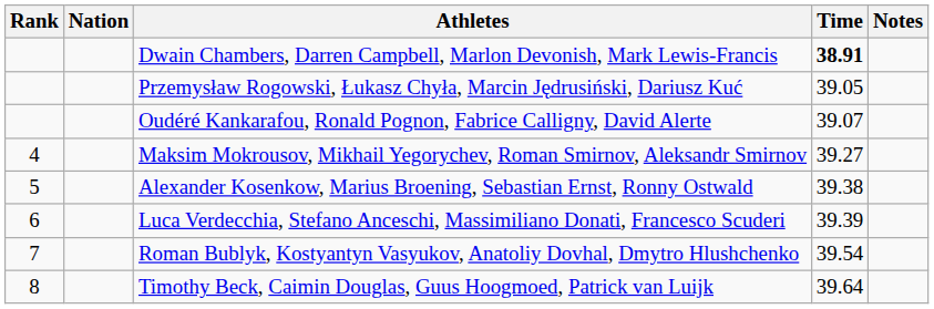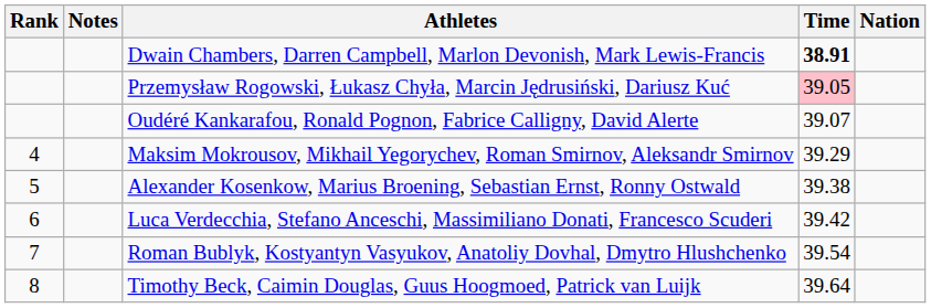 <table class="wikitable sortable" style="text-align:center">
 <tr>
 <th>Rank</th>
-<th>Nation</th>
+<th>Notes</th>
 <th>Athletes</th>
 <th>Time</th>
-<th>Notes</th>
+<th>Nation</th>
 </tr>
 <tr>
 <td></td>
-<td align=left></td>
+<td></td>
 <td align=left><a href='#'>Dwain Chambers</a>, <a href='#'>Darren Campbell</a>, <a href='#'>Marlon Devonish</a>, <a href='#'>Mark Lewis-Francis</a></td>
 <td><strong>38.91</strong></td>
-<td></td>
+<td align=left></td>
 </tr>
 <tr>
 <td></td>
+<td></td>
+<td align=left><a href='#'>Przemysław Rogowski</a>, <a href='#'>Łukasz Chyła</a>, <a href='#'>Marcin Jędrusiński</a>, <a href='#'>Dariusz Kuć</a></td>
+<td style="background: pink;">39.05</td>
 <td align=left></td>
-<td align=left><a href='#'>Przemysław Rogowski</a>, <a href='#'>Łukasz Chyła</a>, <a href='#'>Marcin Jędrusiński</a>, <a href='#'>Dariusz Kuć</a></td>
-<td>39.05</td>
-<td></td>
 </tr>
 <tr>
 <td></td>
-<td align=left></td>
+<td></td>
 <td align=left><a href='#'>Oudéré Kankarafou</a>, <a href='#'>Ronald Pognon</a>, <a href='#'>Fabrice Calligny</a>, <a href='#'>David Alerte</a></td>
 <td>39.07</td>
-<td></td>
+<td align=left></td>
 </tr>
 <tr>
 <td>4</td>
+<td></td>
+<td align=left><a href='#'>Maksim Mokrousov</a>, <a href='#'>Mikhail Yegorychev</a>, <a href='#'>Roman Smirnov</a>, <a href='#'>Aleksandr Smirnov</a></td>
+<td>39.29</td>
 <td align=left></td>
-<td align=left><a href='#'>Maksim Mokrousov</a>, <a href='#'>Mikhail Yegorychev</a>, <a href='#'>Roman Smirnov</a>, <a href='#'>Aleksandr Smirnov</a></td>
-<td>39.27</td>
-<td></td>
 </tr>
 <tr>
 <td>5</td>
-<td align=left></td>
+<td></td>
 <td align=left><a href='#'>Alexander Kosenkow</a>, <a href='#'>Marius Broening</a>, <a href='#'>Sebastian Ernst</a>, <a href='#'>Ronny Ostwald</a></td>
 <td>39.38</td>
-<td></td>
+<td align=left></td>
 </tr>
 <tr>
 <td>6</td>
+<td></td>
+<td align=left><a href='#'>Luca Verdecchia</a>, <a href='#'>Stefano Anceschi</a>, <a href='#'>Massimiliano Donati</a>, <a href='#'>Francesco Scuderi</a></td>
+<td>39.42</td>
 <td align=left></td>
-<td align=left><a href='#'>Luca Verdecchia</a>, <a href='#'>Stefano Anceschi</a>, <a href='#'>Massimiliano Donati</a>, <a href='#'>Francesco Scuderi</a></td>
-<td>39.39</td>
-<td></td>
 </tr>
 <tr>
 <td>7</td>
-<td align=left></td>
+<td></td>
 <td align=left><a href='#'>Roman Bublyk</a>, <a href='#'>Kostyantyn Vasyukov</a>, <a href='#'>Anatoliy Dovhal</a>, <a href='#'>Dmytro Hlushchenko</a></td>
 <td>39.54</td>
-<td></td>
+<td align=left></td>
 </tr>
 <tr>
 <td>8</td>
-<td align=left></td>
+<td></td>
 <td align=left><a href='#'>Timothy Beck</a>, <a href='#'>Caimin Douglas</a>, <a href='#'>Guus Hoogmoed</a>, <a href='#'>Patrick van Luijk</a></td>
 <td>39.64</td>
-<td></td>
+<td align=left></td>
 </tr>
 </table>
